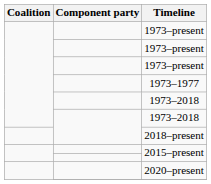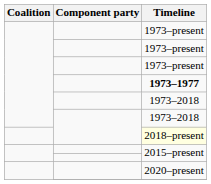 <table class="wikitable">
 <tr>
 <th>Coalition</th>
 <th>Component party</th>
 <th>Timeline</th>
 </tr>
 <tr>
 <td rowspan=6></td>
 <td></td>
 <td align=center>1973–present</td>
 </tr>
 <tr>
 <td></td>
 <td align=center>1973–present</td>
 </tr>
 <tr>
 <td></td>
 <td align=center>1973–present</td>
 </tr>
 <tr>
 <td></td>
-<td align=center>1973–1977</td>
+<td align=center><strong>1973–1977</strong></td>
 </tr>
 <tr>
 <td></td>
 <td align=center>1973–2018</td>
 </tr>
 <tr>
 <td rowspan=2></td>
 <td align=center>1973–2018</td>
 </tr>
 <tr>
 <td></td>
-<td align=center>2018–present</td>
+<td align=center style="background: lightyellow;">2018–present</td>
 </tr>
 <tr>
 <td rowspan=2></td>
 <td></td>
 <td rowspan=2 align=center>2015–present</td>
 </tr>
 <tr>
 <td></td>
 </tr>
 <tr>
 <td rowspan=2></td>
 <td></td>
 <td align=center>2020–present</td>
 </tr>
 <tr>
 </tr>
 </table>
